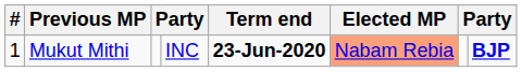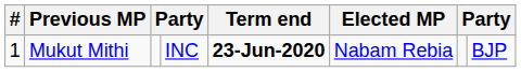 <table class="wikitable">
 <tr>
 <th>#</th>
 <th>Previous MP</th>
 <th colspan="2">Party</th>
 <th>Term end</th>
 <th>Elected MP</th>
 <th colspan="2">Party</th>
 </tr>
 <tr>
 <td>1</td>
 <td><a href='#'>Mukut Mithi</a></td>
 <td width="1px"></td>
 <td><a href='#'>INC</a></td>
 <td><strong>23-Jun-2020</strong></td>
-<td style="background: lightsalmon;"><a href='#'>Nabam Rebia</a></td>
+<td><a href='#'>Nabam Rebia</a></td>
 <td></td>
-<td><strong><a href='#'>BJP</a></strong></td>
+<td><a href='#'>BJP</a></td>
 </tr>
 </table>
